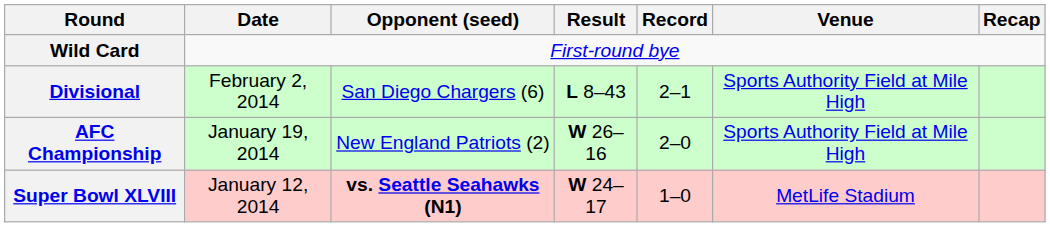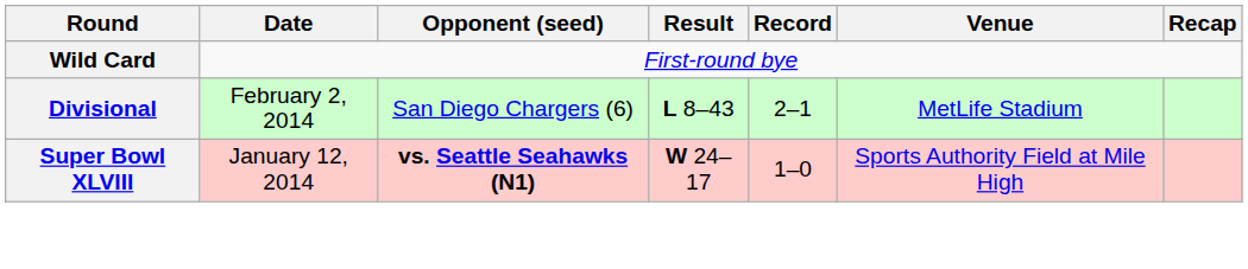 <table class="wikitable" style="text-align:center">
 <tr>
 <th>Round</th>
 <th>Date</th>
 <th>Opponent (seed)</th>
 <th>Result</th>
 <th>Record</th>
 <th>Venue</th>
 <th>Recap</th>
 </tr>
 <tr>
 <th>Wild Card</th>
 <td colspan="6"><em><a href='#'>First-round bye</a></em></td>
 </tr>
 <tr style="background:#cfc">
 <th><a href='#'>Divisional</a></th>
 <td>February 2, 2014</td>
 <td><a href='#'>San Diego Chargers</a> (6)</td>
 <td><strong>L</strong> 8–43</td>
 <td>2–1</td>
-<td><a href='#'>Sports Authority Field at Mile High</a></td>
-<td></td>
-</tr>
-<tr style="background:#cfc">
-<th><a href='#'>AFC Championship</a></th>
-<td>January 19, 2014</td>
-<td><a href='#'>New England Patriots</a> (2)</td>
-<td><strong>W</strong> 26–16</td>
-<td>2–0</td>
-<td><a href='#'>Sports Authority Field at Mile High</a></td>
+<td><a href='#'>MetLife Stadium</a></td>
 <td></td>
 </tr>
 <tr style="background:#fcc">
 <th><a href='#'>Super Bowl XLVIII</a></th>
 <td>January 12, 2014</td>
 <td><strong>vs. <a href='#'>Seattle Seahawks</a> (N1)</strong></td>
 <td><strong>W</strong> 24–17</td>
 <td>1–0</td>
-<td><a href='#'>MetLife Stadium</a></td>
+<td><a href='#'>Sports Authority Field at Mile High</a></td>
 <td></td>
 </tr>
 </table>
